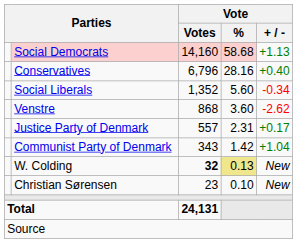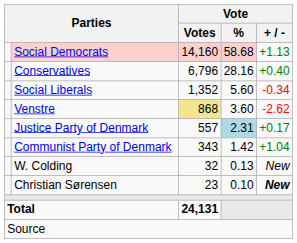 <table class="wikitable" style="text-align:right;">
 <tr>
 <th style="text-align:centre;" rowspan="2" colspan="2" width="225">Parties</th>
 <th colspan="3">Vote</th>
 </tr>
 <tr>
 <th width="15">Votes</th>
 <th width="15">%</th>
 <th width="15">+ / -</th>
 </tr>
 <tr>
 <td width="2" style="color:inherit;background:"></td>
 <td bgcolor=#fbd0ce  align="left"><a href='#'>Social Democrats</a></td>
 <td bgcolor=#fbd0ce>14,160</td>
 <td bgcolor=#fbd0ce>58.68</td>
 <td style=color:green;>+1.13</td>
 </tr>
 <tr>
 <td width="2" style="color:inherit;background:"></td>
 <td align="left"><a href='#'>Conservatives</a></td>
 <td>6,796</td>
 <td>28.16</td>
 <td style=color:green;>+0.40</td>
 </tr>
 <tr>
 <td width="2" style="color:inherit;background:"></td>
 <td align="left"><a href='#'>Social Liberals</a></td>
 <td>1,352</td>
 <td>5.60</td>
 <td style=color:red;>-0.34</td>
 </tr>
 <tr>
 <td width="2" style="color:inherit;background:"></td>
 <td align="left"><a href='#'>Venstre</a></td>
-<td>868</td>
+<td style="background: khaki;">868</td>
 <td>3.60</td>
 <td style=color:red;>-2.62</td>
 </tr>
 <tr>
 <td width="2" style="color:inherit;background:"></td>
 <td align="left"><a href='#'>Justice Party of Denmark</a></td>
 <td>557</td>
-<td>2.31</td>
+<td style="background: lightblue;">2.31</td>
 <td style=color:green;>+0.17</td>
 </tr>
 <tr>
 <td width="2" style="color:inherit;background:"></td>
 <td align="left"><a href='#'>Communist Party of Denmark</a></td>
 <td>343</td>
 <td>1.42</td>
 <td style=color:green;>+1.04</td>
 </tr>
 <tr>
 <td width="2" style="color:inherit;background:"></td>
 <td align="left">W. Colding</td>
-<td><strong>32</strong></td>
-<td style="background: khaki;">0.13</td>
+<td>32</td>
+<td>0.13</td>
 <td><em>New</em></td>
 </tr>
 <tr>
 <td width="2" style="color:inherit;background:"></td>
 <td align="left">Christian Sørensen</td>
 <td>23</td>
 <td>0.10</td>
-<td><em>New</em></td>
+<td><strong><em>New</em></strong></td>
 </tr>
 <tr>
 <td colspan="7" bgcolor="#E9E9E9"></td>
 </tr>
 <tr>
 <td align="left" colspan="2"><strong>Total</strong></td>
 <td><strong>24,131</strong></td>
 <td bgcolor="#E9E9E9" colspan="2"></td>
 </tr>
 <tr>
 <td align="left" colspan="6">Source</td>
 </tr>
 </table>
